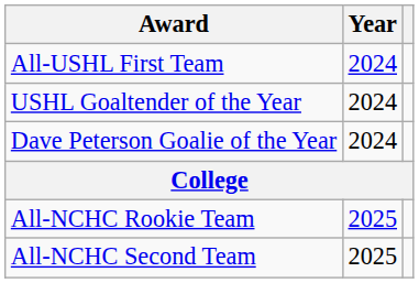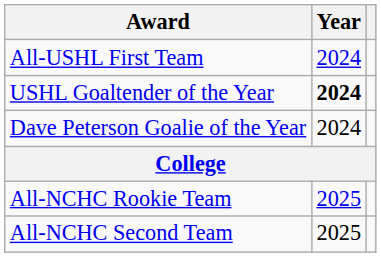 <table class="wikitable">
 <tr>
 <th>Award</th>
 <th>Year</th>
 <th></th>
 </tr>
 <tr>
 <td><a href='#'>All-USHL First Team</a></td>
 <td><a href='#'>2024</a></td>
 <td></td>
 </tr>
 <tr>
 <td><a href='#'>USHL Goaltender of the Year</a></td>
-<td>2024</td>
+<td><strong>2024</strong></td>
 <td></td>
 </tr>
 <tr>
 <td><a href='#'>Dave Peterson Goalie of the Year</a></td>
 <td>2024</td>
 <td></td>
 </tr>
 <tr>
 <th colspan="3"><a href='#'>College</a></th>
 </tr>
 <tr>
 <td><a href='#'>All-NCHC Rookie Team</a></td>
 <td><a href='#'>2025</a></td>
 <td></td>
 </tr>
 <tr>
 <td><a href='#'>All-NCHC Second Team</a></td>
 <td>2025</td>
 <td></td>
 </tr>
 </table>
